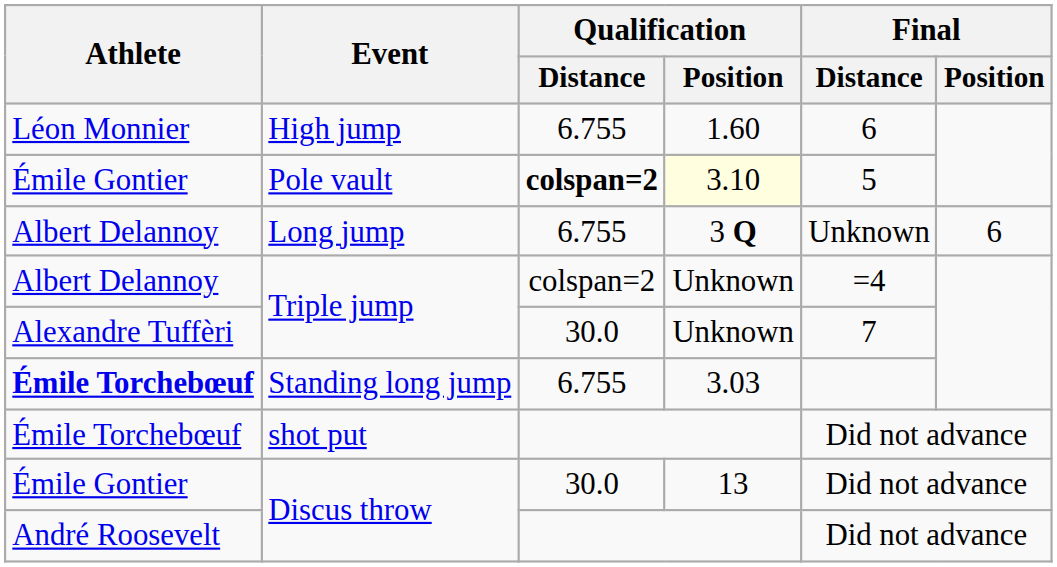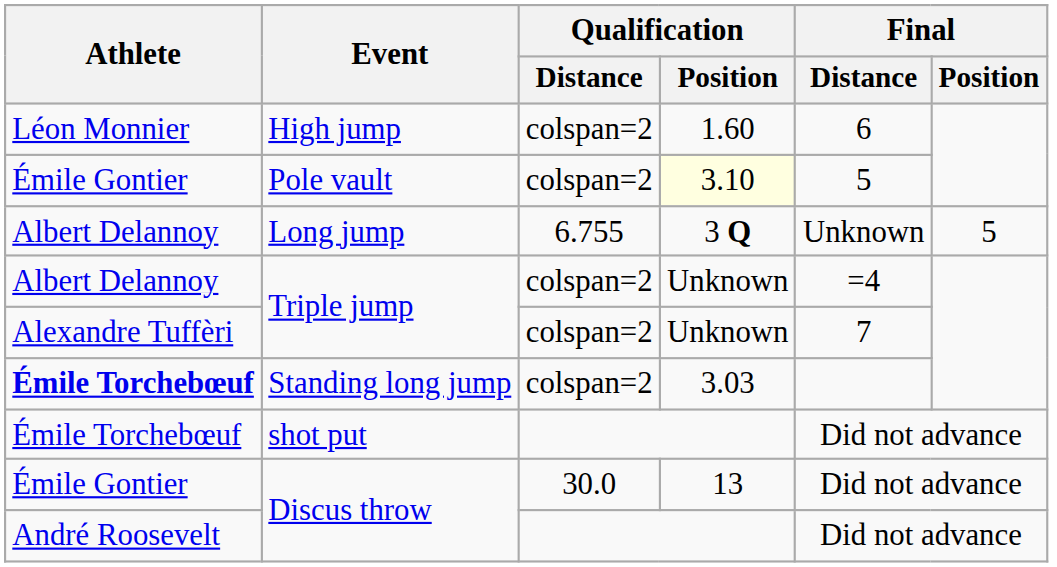 <table class=wikitable style="font-size:90%">
 <tr>
 <th rowspan="2">Athlete</th>
 <th rowspan="2">Event</th>
 <th colspan="2">Qualification</th>
 <th colspan="2">Final</th>
 </tr>
 <tr style="font-size:95%">
 <th>Distance</th>
 <th>Position</th>
 <th>Distance</th>
 <th>Position</th>
 </tr>
 <tr align=center>
 <td align="left"><a href='#'>Léon Monnier</a></td>
 <td align="left"><a href='#'>High jump</a></td>
-<td>6.755</td>
+<td>colspan=2 </td>
 <td>1.60</td>
 <td>6</td>
 </tr>
 <tr align=center>
 <td align="left"><a href='#'>Émile Gontier</a></td>
 <td align="left"><a href='#'>Pole vault</a></td>
-<td><strong>colspan=2 </strong></td>
+<td>colspan=2 </td>
 <td style="background: lightyellow;">3.10</td>
 <td>5</td>
 </tr>
 <tr align=center>
 <td align="left"><a href='#'>Albert Delannoy</a></td>
 <td align="left"><a href='#'>Long jump</a></td>
 <td>6.755</td>
 <td>3 <strong>Q</strong></td>
 <td>Unknown</td>
-<td>6</td>
+<td>5</td>
 </tr>
 <tr align=center>
 <td align="left"><a href='#'>Albert Delannoy</a></td>
 <td align="left" rowspan=2><a href='#'>Triple jump</a></td>
 <td>colspan=2 </td>
 <td>Unknown</td>
 <td>=4</td>
 </tr>
 <tr align=center>
 <td align="left"><a href='#'>Alexandre Tuffèri</a></td>
-<td>30.0</td>
+<td>colspan=2 </td>
 <td>Unknown</td>
 <td>7</td>
 </tr>
 <tr align=center>
 <td align="left"><strong><a href='#'>Émile Torchebœuf</a></strong></td>
 <td align="left"><a href='#'>Standing long jump</a></td>
-<td>6.755</td>
+<td>colspan=2 </td>
 <td>3.03</td>
 <td></td>
 </tr>
 <tr align=center>
 <td align="left"><a href='#'>Émile Torchebœuf</a></td>
 <td align="left"><a href='#'>shot put</a></td>
 <td colspan=2></td>
 <td colspan=2>Did not advance</td>
 </tr>
 <tr align=center>
 <td align="left"><a href='#'>Émile Gontier</a></td>
 <td align="left" rowspan=2><a href='#'>Discus throw</a></td>
 <td>30.0</td>
 <td>13</td>
 <td colspan=2>Did not advance</td>
 </tr>
 <tr align=center>
 <td align="left"><a href='#'>André Roosevelt</a></td>
 <td colspan=2></td>
 <td colspan=2>Did not advance</td>
 </tr>
 </table>
